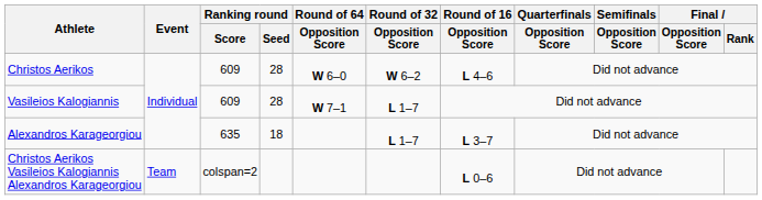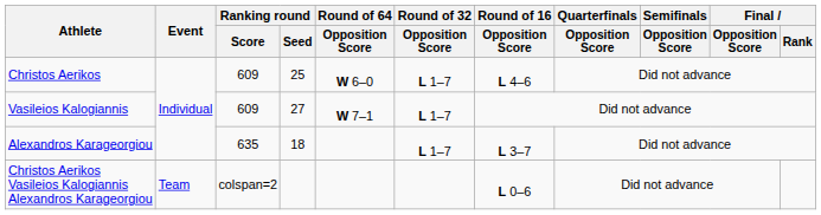 <table class="wikitable" style="font-size:90%">
 <tr>
 <th rowspan=2>Athlete</th>
 <th rowspan=2>Event</th>
 <th colspan=2>Ranking round</th>
 <th>Round of 64</th>
 <th>Round of 32</th>
 <th>Round of 16</th>
 <th>Quarterfinals</th>
 <th>Semifinals</th>
 <th colspan=2>Final / </th>
 </tr>
 <tr style="font-size:95%">
 <th>Score</th>
 <th>Seed</th>
 <th>Opposition<br>Score</th>
 <th>Opposition<br>Score</th>
 <th>Opposition<br>Score</th>
 <th>Opposition<br>Score</th>
 <th>Opposition<br>Score</th>
 <th>Opposition<br>Score</th>
 <th>Rank</th>
 </tr>
 <tr align=center>
 <td align=left><a href='#'>Christos Aerikos</a></td>
 <td align=left rowspan=3><a href='#'>Individual</a></td>
 <td>609</td>
-<td>28</td>
+<td>25</td>
 <td><br><strong>W</strong> 6–0</td>
-<td><br><strong>W</strong> 6–2</td>
+<td><br><strong>L</strong> 1–7</td>
 <td><br><strong>L</strong> 4–6</td>
 <td colspan=4>Did not advance</td>
 </tr>
 <tr align=center>
 <td align=left><a href='#'>Vasileios Kalogiannis</a></td>
 <td>609</td>
-<td>28</td>
+<td>27</td>
 <td><br><strong>W</strong> 7–1</td>
 <td><br><strong>L</strong> 1–7</td>
 <td colspan=5>Did not advance</td>
 </tr>
 <tr align=center>
 <td align=left><a href='#'>Alexandros Karageorgiou</a></td>
 <td>635</td>
 <td>18</td>
 <td></td>
 <td><br><strong>L</strong> 1–7</td>
 <td><br><strong>L</strong> 3–7</td>
 <td colspan=4>Did not advance</td>
 </tr>
 <tr align=center>
 <td align=left><a href='#'>Christos Aerikos</a><br><a href='#'>Vasileios Kalogiannis</a><br><a href='#'>Alexandros Karageorgiou</a></td>
 <td align=left><a href='#'>Team</a></td>
 <td>colspan=2 </td>
 <td></td>
 <td></td>
 <td></td>
 <td><br><strong>L</strong> 0–6</td>
 <td colspan=3>Did not advance</td>
 </tr>
 </table>
